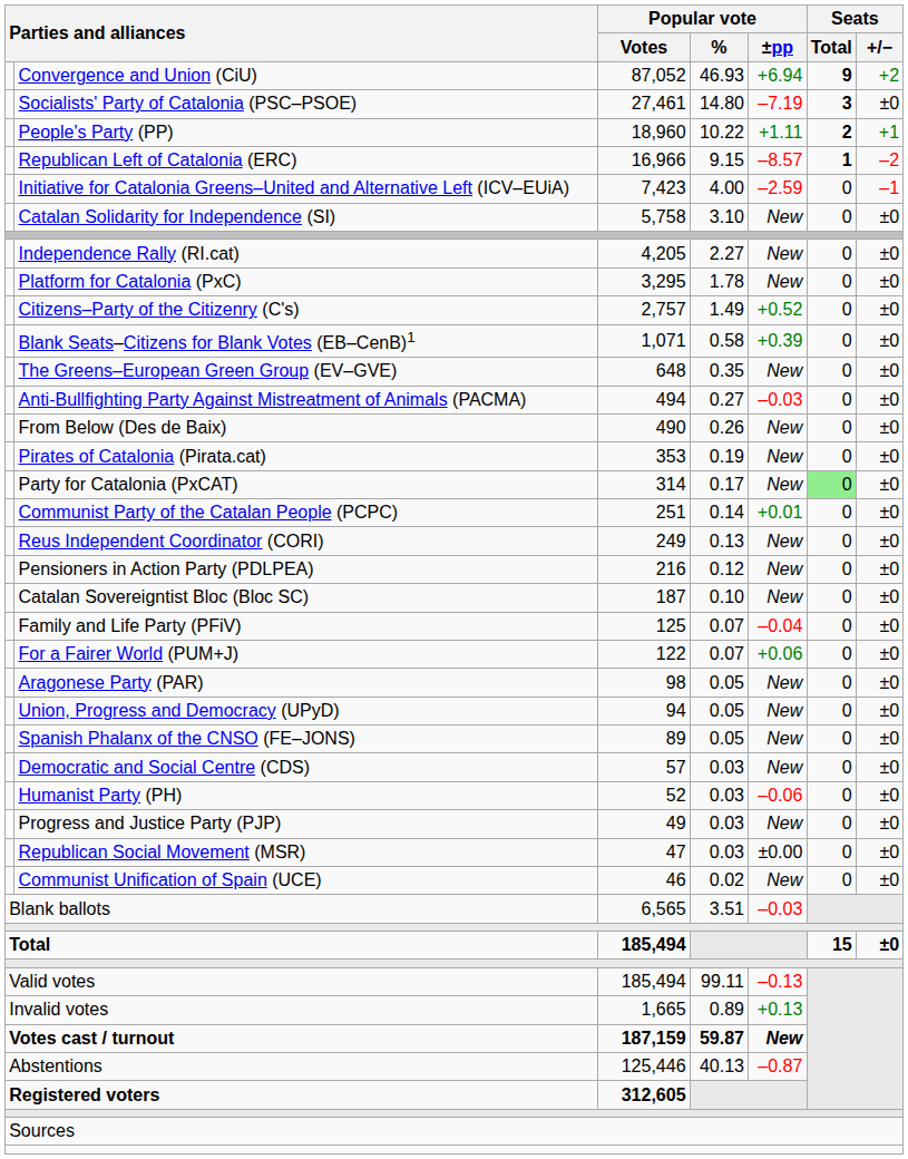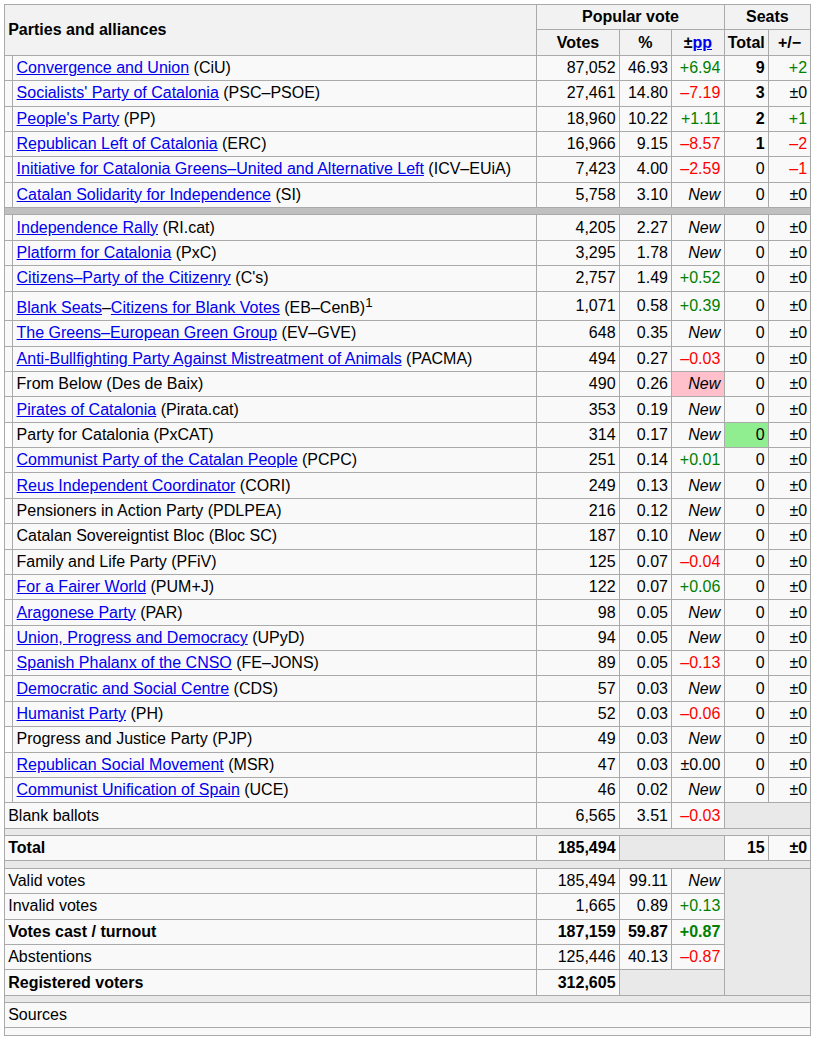 <table class="wikitable" style="text-align:right;">
 <tr>
 <th style="text-align:left;" rowspan="2" colspan="2" width="525">Parties and alliances</th>
 <th colspan="3">Popular vote</th>
 <th colspan="2">Seats</th>
 </tr>
 <tr>
 <th width="75">Votes</th>
 <th width="45">%</th>
 <th width="45">±<a href='#'>pp</a></th>
 <th width="35">Total</th>
 <th width="35">+/−</th>
 </tr>
 <tr>
 <td width="1" style="color:inherit;background:"></td>
 <td align="left"><a href='#'>Convergence and Union</a> (CiU)</td>
 <td>87,052</td>
 <td>46.93</td>
 <td style="color:green;">+6.94</td>
 <td><strong>9</strong></td>
 <td style="color:green;">+2</td>
 </tr>
 <tr>
 <td style="color:inherit;background:"></td>
 <td align="left"><a href='#'>Socialists' Party of Catalonia</a> (PSC–PSOE)</td>
 <td>27,461</td>
 <td>14.80</td>
 <td style="color:red;">–7.19</td>
 <td><strong>3</strong></td>
 <td>±0</td>
 </tr>
 <tr>
 <td style="color:inherit;background:"></td>
 <td align="left"><a href='#'>People's Party</a> (PP)</td>
 <td>18,960</td>
 <td>10.22</td>
 <td style="color:green;">+1.11</td>
 <td><strong>2</strong></td>
 <td style="color:green;">+1</td>
 </tr>
 <tr>
 <td style="color:inherit;background:"></td>
 <td align="left"><a href='#'>Republican Left of Catalonia</a> (ERC)</td>
 <td>16,966</td>
 <td>9.15</td>
 <td style="color:red;">–8.57</td>
 <td><strong>1</strong></td>
 <td style="color:red;">–2</td>
 </tr>
 <tr>
 <td style="color:inherit;background:"></td>
 <td align="left"><a href='#'>Initiative for Catalonia Greens–United and Alternative Left</a> (ICV–EUiA)</td>
 <td>7,423</td>
 <td>4.00</td>
 <td style="color:red;">–2.59</td>
 <td>0</td>
 <td style="color:red;">–1</td>
 </tr>
 <tr>
 <td style="color:inherit;background:"></td>
 <td align="left"><a href='#'>Catalan Solidarity for Independence</a> (SI)</td>
 <td>5,758</td>
 <td>3.10</td>
 <td><em>New</em></td>
 <td>0</td>
 <td>±0</td>
 </tr>
 <tr>
 <td colspan="7" bgcolor="#C0C0C0"></td>
 </tr>
 <tr>
 <td style="color:inherit;background:"></td>
 <td align="left"><a href='#'>Independence Rally</a> (RI.cat)</td>
 <td>4,205</td>
 <td>2.27</td>
 <td><em>New</em></td>
 <td>0</td>
 <td>±0</td>
 </tr>
 <tr>
 <td style="color:inherit;background:"></td>
 <td align="left"><a href='#'>Platform for Catalonia</a> (PxC)</td>
 <td>3,295</td>
 <td>1.78</td>
 <td><em>New</em></td>
 <td>0</td>
 <td>±0</td>
 </tr>
 <tr>
 <td style="color:inherit;background:"></td>
 <td align="left"><a href='#'>Citizens–Party of the Citizenry</a> (C's)</td>
 <td>2,757</td>
 <td>1.49</td>
 <td style="color:green;">+0.52</td>
 <td>0</td>
 <td>±0</td>
 </tr>
 <tr>
 <td style="color:inherit;background:"></td>
 <td align="left"><a href='#'>Blank Seats</a>–<a href='#'>Citizens for Blank Votes</a> (EB–CenB)<sup>1</sup></td>
 <td>1,071</td>
 <td>0.58</td>
 <td style="color:green;">+0.39</td>
 <td>0</td>
 <td>±0</td>
 </tr>
 <tr>
 <td style="color:inherit;background:"></td>
 <td align="left"><a href='#'>The Greens–European Green Group</a> (EV–GVE)</td>
 <td>648</td>
 <td>0.35</td>
 <td><em>New</em></td>
 <td>0</td>
 <td>±0</td>
 </tr>
 <tr>
 <td style="color:inherit;background:"></td>
 <td align="left"><a href='#'>Anti-Bullfighting Party Against Mistreatment of Animals</a> (PACMA)</td>
 <td>494</td>
 <td>0.27</td>
 <td style="color:red;">–0.03</td>
 <td>0</td>
 <td>±0</td>
 </tr>
 <tr>
 <td style="color:inherit;background:"></td>
 <td align="left">From Below (Des de Baix)</td>
 <td>490</td>
 <td>0.26</td>
-<td><em>New</em></td>
+<td style="background: pink;"><em>New</em></td>
 <td>0</td>
 <td>±0</td>
 </tr>
 <tr>
 <td style="color:inherit;background:"></td>
 <td align="left"><a href='#'>Pirates of Catalonia</a> (Pirata.cat)</td>
 <td>353</td>
 <td>0.19</td>
 <td><em>New</em></td>
 <td>0</td>
 <td>±0</td>
 </tr>
 <tr>
 <td bgcolor="white"></td>
 <td align="left">Party for Catalonia (PxCAT)</td>
 <td>314</td>
 <td>0.17</td>
 <td><em>New</em></td>
 <td style="background: lightgreen;">0</td>
 <td>±0</td>
 </tr>
 <tr>
 <td style="color:inherit;background:"></td>
 <td align="left"><a href='#'>Communist Party of the Catalan People</a> (PCPC)</td>
 <td>251</td>
 <td>0.14</td>
 <td style="color:green;">+0.01</td>
 <td>0</td>
 <td>±0</td>
 </tr>
 <tr>
 <td style="color:inherit;background:"></td>
 <td align="left"><a href='#'>Reus Independent Coordinator</a> (CORI)</td>
 <td>249</td>
 <td>0.13</td>
 <td><em>New</em></td>
 <td>0</td>
 <td>±0</td>
 </tr>
 <tr>
 <td style="color:inherit;background:"></td>
 <td align="left">Pensioners in Action Party (PDLPEA)</td>
 <td>216</td>
 <td>0.12</td>
 <td><em>New</em></td>
 <td>0</td>
 <td>±0</td>
 </tr>
 <tr>
 <td style="color:inherit;background:"></td>
 <td align="left">Catalan Sovereigntist Bloc (Bloc SC)</td>
 <td>187</td>
 <td>0.10</td>
 <td><em>New</em></td>
 <td>0</td>
 <td>±0</td>
 </tr>
 <tr>
 <td style="color:inherit;background:"></td>
 <td align="left">Family and Life Party (PFiV)</td>
 <td>125</td>
 <td>0.07</td>
 <td style="color:red;">–0.04</td>
 <td>0</td>
 <td>±0</td>
 </tr>
 <tr>
 <td style="color:inherit;background:"></td>
 <td align="left"><a href='#'>For a Fairer World</a> (PUM+J)</td>
 <td>122</td>
 <td>0.07</td>
 <td style="color:green;">+0.06</td>
 <td>0</td>
 <td>±0</td>
 </tr>
 <tr>
 <td style="color:inherit;background:"></td>
 <td align="left"><a href='#'>Aragonese Party</a> (PAR)</td>
 <td>98</td>
 <td>0.05</td>
 <td><em>New</em></td>
 <td>0</td>
 <td>±0</td>
 </tr>
 <tr>
 <td style="color:inherit;background:"></td>
 <td align="left"><a href='#'>Union, Progress and Democracy</a> (UPyD)</td>
 <td>94</td>
 <td>0.05</td>
 <td><em>New</em></td>
 <td>0</td>
 <td>±0</td>
 </tr>
 <tr>
 <td style="color:inherit;background:"></td>
 <td align="left"><a href='#'>Spanish Phalanx of the CNSO</a> (FE–JONS)</td>
 <td>89</td>
 <td>0.05</td>
-<td><em>New</em></td>
+<td style="color:red;">–0.13</td>
 <td>0</td>
 <td>±0</td>
 </tr>
 <tr>
 <td style="color:inherit;background:"></td>
 <td align="left"><a href='#'>Democratic and Social Centre</a> (CDS)</td>
 <td>57</td>
 <td>0.03</td>
 <td><em>New</em></td>
 <td>0</td>
 <td>±0</td>
 </tr>
 <tr>
 <td style="color:inherit;background:"></td>
 <td align="left"><a href='#'>Humanist Party</a> (PH)</td>
 <td>52</td>
 <td>0.03</td>
 <td style="color:red;">–0.06</td>
 <td>0</td>
 <td>±0</td>
 </tr>
 <tr>
 <td bgcolor="white"></td>
 <td align="left">Progress and Justice Party (PJP)</td>
 <td>49</td>
 <td>0.03</td>
 <td><em>New</em></td>
 <td>0</td>
 <td>±0</td>
 </tr>
 <tr>
 <td style="color:inherit;background:"></td>
 <td align="left"><a href='#'>Republican Social Movement</a> (MSR)</td>
 <td>47</td>
 <td>0.03</td>
 <td>±0.00</td>
 <td>0</td>
 <td>±0</td>
 </tr>
 <tr>
 <td style="color:inherit;background:"></td>
 <td align="left"><a href='#'>Communist Unification of Spain</a> (UCE)</td>
 <td>46</td>
 <td>0.02</td>
 <td><em>New</em></td>
 <td>0</td>
 <td>±0</td>
 </tr>
 <tr>
 <td align="left" colspan="2">Blank ballots</td>
 <td>6,565</td>
 <td>3.51</td>
 <td style="color:red;">–0.03</td>
 <td bgcolor="#E9E9E9" colspan="2"></td>
 </tr>
 <tr>
 <td colspan="7" bgcolor="#E9E9E9"></td>
 </tr>
 <tr style="font-weight:bold;">
 <td align="left" colspan="2">Total</td>
 <td>185,494</td>
 <td bgcolor="#E9E9E9" colspan="2"></td>
 <td>15</td>
 <td>±0</td>
 </tr>
 <tr>
 <td colspan="7" bgcolor="#E9E9E9"></td>
 </tr>
 <tr>
 <td align="left" colspan="2">Valid votes</td>
 <td>185,494</td>
 <td>99.11</td>
-<td style="color:red;">–0.13</td>
+<td><em>New</em></td>
 <td bgcolor="#E9E9E9" colspan="2" rowspan="5"></td>
 </tr>
 <tr>
 <td align="left" colspan="2">Invalid votes</td>
 <td>1,665</td>
 <td>0.89</td>
 <td style="color:green;">+0.13</td>
 </tr>
 <tr style="font-weight:bold;">
 <td align="left" colspan="2">Votes cast / turnout</td>
 <td>187,159</td>
 <td>59.87</td>
-<td><em>New</em></td>
+<td style="color:green;">+0.87</td>
 </tr>
 <tr>
 <td align="left" colspan="2">Abstentions</td>
 <td>125,446</td>
 <td>40.13</td>
 <td style="color:red;">–0.87</td>
 </tr>
 <tr style="font-weight:bold;">
 <td align="left" colspan="2">Registered voters</td>
 <td>312,605</td>
 <td bgcolor="#E9E9E9" colspan="2"></td>
 </tr>
 <tr>
 <td colspan="7" bgcolor="#E9E9E9"></td>
 </tr>
 <tr>
 <td align="left" colspan="7">Sources</td>
 </tr>
 <tr>
 <td colspan="7" style="text-align:left; max-width:790px;"></td>
 </tr>
 </table>
